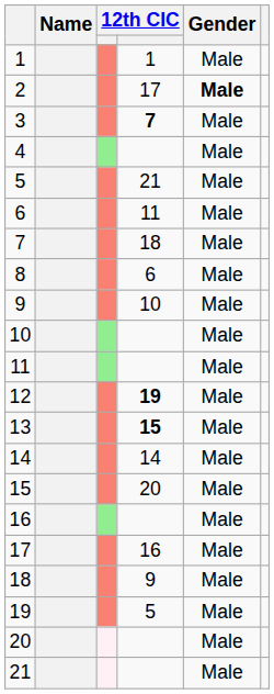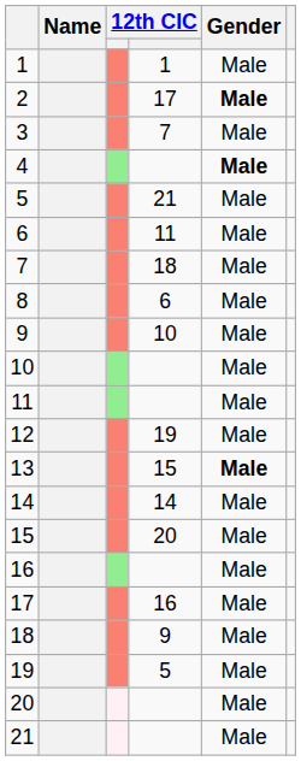 <table class="wikitable sortable" style=text-align:center>
 <tr>
 <th Rowspan="2"></th>
 <th Rowspan="2">Name</th>
 <th colspan="2" unsortable><a href='#'>12th CIC</a></th>
 <th Rowspan="2">Gender</th>
 <th Rowspan="2"  scope="col" class="unsortable"></th>
 </tr>
 <tr>
 <th></th>
 <th></th>
 </tr>
 <tr>
 <td>1</td>
 <th align="center" scope="row" style="font-weight:normal;"></th>
 <td bgcolor = Salmon></td>
 <td>1</td>
 <td>Male</td>
 <td></td>
 </tr>
 <tr>
 <td>2</td>
 <th align="center" scope="row" style="font-weight:normal;"></th>
 <td bgcolor = Salmon></td>
 <td>17</td>
 <td><strong>Male</strong></td>
 <td></td>
 </tr>
 <tr>
 <td>3</td>
 <th align="center" scope="row" style="font-weight:normal;"></th>
 <td bgcolor = Salmon></td>
-<td><strong>7</strong></td>
+<td>7</td>
 <td>Male</td>
 <td></td>
 </tr>
 <tr>
 <td>4</td>
 <th align="center" scope="row" style="font-weight:normal;"></th>
 <td bgcolor = LightGreen></td>
 <td></td>
-<td>Male</td>
+<td><strong>Male</strong></td>
 <td></td>
 </tr>
 <tr>
 <td>5</td>
 <th align="center" scope="row" style="font-weight:normal;"></th>
 <td bgcolor = Salmon></td>
 <td>21</td>
 <td>Male</td>
 <td></td>
 </tr>
 <tr>
 <td>6</td>
 <th align="center" scope="row" style="font-weight:normal;"></th>
 <td bgcolor = Salmon></td>
 <td>11</td>
 <td>Male</td>
 <td></td>
 </tr>
 <tr>
 <td>7</td>
 <th align="center" scope="row" style="font-weight:normal;"></th>
 <td bgcolor = Salmon></td>
 <td>18</td>
 <td>Male</td>
 <td></td>
 </tr>
 <tr>
 <td>8</td>
 <th align="center" scope="row" style="font-weight:normal;"></th>
 <td bgcolor = Salmon></td>
 <td>6</td>
 <td>Male</td>
 <td></td>
 </tr>
 <tr>
 <td>9</td>
 <th align="center" scope="row" style="font-weight:normal;"></th>
 <td bgcolor = Salmon></td>
 <td>10</td>
 <td>Male</td>
 <td></td>
 </tr>
 <tr>
 <td>10</td>
 <th align="center" scope="row" style="font-weight:normal;"></th>
 <td bgcolor = LightGreen></td>
 <td></td>
 <td>Male</td>
 <td></td>
 </tr>
 <tr>
 <td>11</td>
 <th align="center" scope="row" style="font-weight:normal;"></th>
 <td bgcolor = LightGreen></td>
 <td></td>
 <td>Male</td>
 <td></td>
 </tr>
 <tr>
 <td>12</td>
 <th align="center" scope="row" style="font-weight:normal;"></th>
 <td bgcolor = Salmon></td>
-<td><strong>19</strong></td>
+<td>19</td>
 <td>Male</td>
 <td></td>
 </tr>
 <tr>
 <td>13</td>
 <th align="center" scope="row" style="font-weight:normal;"></th>
 <td bgcolor = Salmon></td>
-<td><strong>15</strong></td>
-<td>Male</td>
+<td>15</td>
+<td><strong>Male</strong></td>
 <td></td>
 </tr>
 <tr>
 <td>14</td>
 <th align="center" scope="row" style="font-weight:normal;"></th>
 <td bgcolor = Salmon></td>
 <td>14</td>
 <td>Male</td>
 <td></td>
 </tr>
 <tr>
 <td>15</td>
 <th align="center" scope="row" style="font-weight:normal;"></th>
 <td bgcolor = Salmon></td>
 <td>20</td>
 <td>Male</td>
 <td></td>
 </tr>
 <tr>
 <td>16</td>
 <th align="center" scope="row" style="font-weight:normal;"></th>
 <td bgcolor = LightGreen></td>
 <td></td>
 <td>Male</td>
 <td></td>
 </tr>
 <tr>
 <td>17</td>
 <th align="center" scope="row" style="font-weight:normal;"></th>
 <td bgcolor = Salmon></td>
 <td>16</td>
 <td>Male</td>
 <td></td>
 </tr>
 <tr>
 <td>18</td>
 <th align="center" scope="row" style="font-weight:normal;"></th>
 <td bgcolor = Salmon></td>
 <td>9</td>
 <td>Male</td>
 <td></td>
 </tr>
 <tr>
 <td>19</td>
 <th align="center" scope="row" style="font-weight:normal;"></th>
 <td bgcolor = Salmon></td>
 <td>5</td>
 <td>Male</td>
 <td></td>
 </tr>
 <tr>
 <td>20</td>
 <th align="center" scope="row" style="font-weight:normal;"></th>
 <td bgcolor = LavenderBlush></td>
 <td></td>
 <td>Male</td>
 <td></td>
 </tr>
 <tr>
 <td>21</td>
 <th align="center" scope="row" style="font-weight:normal;"></th>
 <td bgcolor = LavenderBlush></td>
 <td></td>
 <td>Male</td>
 <td></td>
 </tr>
 </table>
